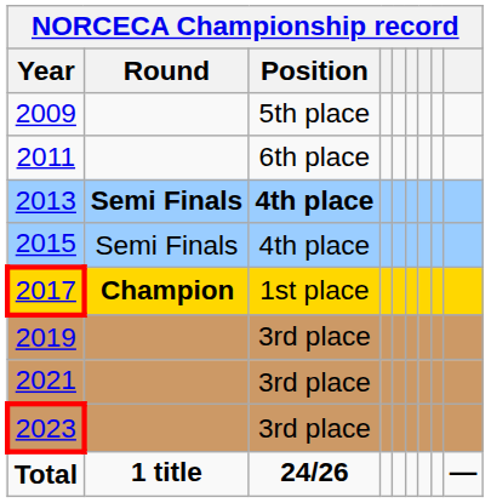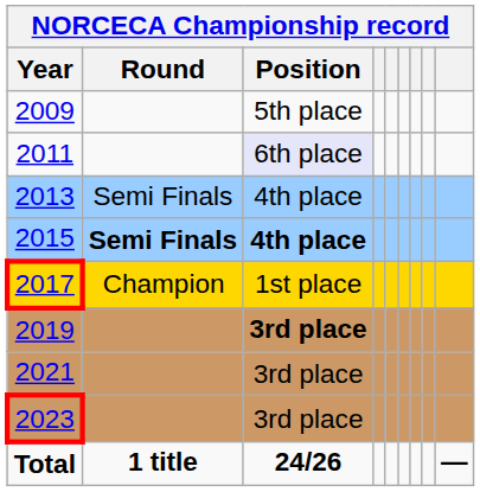 <table class="wikitable" style="text-align: center;">
 <tr>
 <th colspan=9><a href='#'>NORCECA Championship record</a></th>
 </tr>
 <tr>
 <th>Year</th>
 <th>Round</th>
 <th>Position</th>
 <th></th>
 <th></th>
 <th></th>
 <th></th>
 <th></th>
 <th></th>
 </tr>
 <tr>
 <td> <a href='#'>2009</a></td>
 <td></td>
 <td>5th place</td>
 <td></td>
 <td></td>
 <td></td>
 <td></td>
 <td></td>
 <td></td>
 </tr>
 <tr>
 <td> <a href='#'>2011</a></td>
 <td></td>
-<td>6th place</td>
+<td style="background: lavender;">6th place</td>
 <td></td>
 <td></td>
 <td></td>
 <td></td>
 <td></td>
 <td></td>
 </tr>
 <tr bgcolor=#9acdff>
 <td> <a href='#'>2013</a></td>
+<td>Semi Finals</td>
+<td>4th place</td>
+<td></td>
+<td></td>
+<td></td>
+<td></td>
+<td></td>
+<td></td>
+</tr>
+<tr bgcolor=#9acdff>
+<td> <a href='#'>2015</a></td>
 <td><strong>Semi Finals</strong></td>
 <td><strong>4th place</strong></td>
 <td></td>
 <td></td>
 <td></td>
 <td></td>
 <td></td>
 <td></td>
 </tr>
-<tr bgcolor=#9acdff>
-<td> <a href='#'>2015</a></td>
-<td>Semi Finals</td>
-<td>4th place</td>
-<td></td>
-<td></td>
-<td></td>
-<td></td>
-<td></td>
-<td></td>
-</tr>
 <tr bgcolor=gold>
 <td style="border: 3px solid red"> <a href='#'>2017</a></td>
-<td><strong>Champion</strong></td>
+<td>Champion</td>
 <td>1st place</td>
 <td></td>
 <td></td>
 <td></td>
 <td></td>
 <td></td>
 <td></td>
 </tr>
 <tr bgcolor= cc9966>
 <td> <a href='#'>2019</a></td>
 <td></td>
-<td>3rd place</td>
+<td><strong>3rd place</strong></td>
 <td></td>
 <td></td>
 <td></td>
 <td></td>
 <td></td>
 <td></td>
 </tr>
 <tr bgcolor= cc9966>
 <td> <a href='#'>2021</a></td>
 <td></td>
 <td>3rd place</td>
 <td></td>
 <td></td>
 <td></td>
 <td></td>
 <td></td>
 <td></td>
 </tr>
 <tr bgcolor= cc9966>
 <td style="border: 3px solid red"> <a href='#'>2023</a></td>
 <td></td>
 <td>3rd place</td>
 <td></td>
 <td></td>
 <td></td>
 <td></td>
 <td></td>
 <td></td>
 </tr>
 <tr>
 <td><strong>Total</strong></td>
 <td><strong>1 title</strong></td>
 <td><strong>24/26</strong></td>
 <td><strong> </strong></td>
 <td><strong> </strong></td>
 <td><strong> </strong></td>
 <td><strong> </strong></td>
 <td><strong> </strong></td>
 <td><strong>—</strong></td>
 </tr>
 </table>
